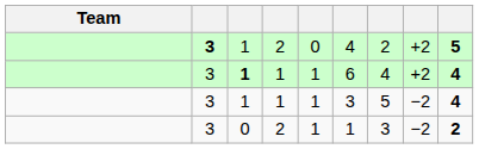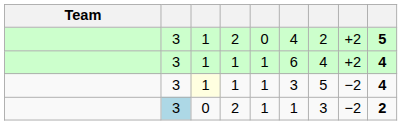 <table class="wikitable" style="text-align:center">
 <tr>
 <th width="165">Team</th>
 <th width=25></th>
 <th width=25></th>
 <th width=25></th>
 <th width=25></th>
 <th width=25></th>
 <th width=25></th>
 <th width=25></th>
 <th width=25></th>
 </tr>
 <tr style="background:#cfc;">
 <td align="left"></td>
-<td><strong>3</strong></td>
+<td>3</td>
 <td>1</td>
 <td>2</td>
 <td>0</td>
 <td>4</td>
 <td>2</td>
 <td>+2</td>
 <td><strong>5</strong></td>
 </tr>
 <tr style="background:#cfc;">
 <td align="left"></td>
 <td>3</td>
-<td><strong>1</strong></td>
+<td>1</td>
 <td>1</td>
 <td>1</td>
 <td>6</td>
 <td>4</td>
 <td>+2</td>
 <td><strong>4</strong></td>
 </tr>
 <tr>
 <td align="left"></td>
 <td>3</td>
-<td>1</td>
+<td style="background: lightyellow;">1</td>
 <td>1</td>
 <td>1</td>
 <td>3</td>
 <td>5</td>
 <td>−2</td>
 <td><strong>4</strong></td>
 </tr>
 <tr>
 <td align="left"></td>
-<td>3</td>
+<td style="background: lightblue;">3</td>
 <td>0</td>
 <td>2</td>
 <td>1</td>
 <td>1</td>
 <td>3</td>
 <td>−2</td>
 <td><strong>2</strong></td>
 </tr>
 </table>
